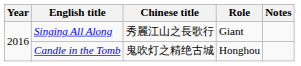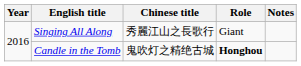 <table class="wikitable sortable">
 <tr>
 <th>Year</th>
 <th>English title</th>
 <th>Chinese title</th>
 <th>Role</th>
 <th class="unsortable">Notes</th>
 </tr>
 <tr>
 <td rowspan=2>2016</td>
 <td><em><a href='#'>Singing All Along</a></em></td>
 <td>秀麗江山之長歌行</td>
 <td>Giant</td>
 <td></td>
 </tr>
 <tr>
 <td><em><a href='#'>Candle in the Tomb</a></em></td>
 <td>鬼吹灯之精绝古城</td>
-<td>Honghou</td>
+<td><strong>Honghou</strong></td>
 <td></td>
 </tr>
 </table>
